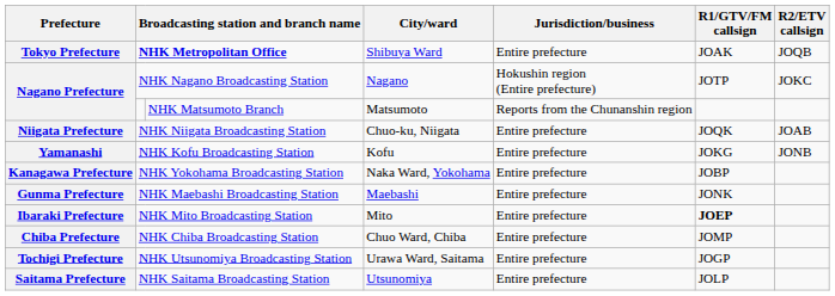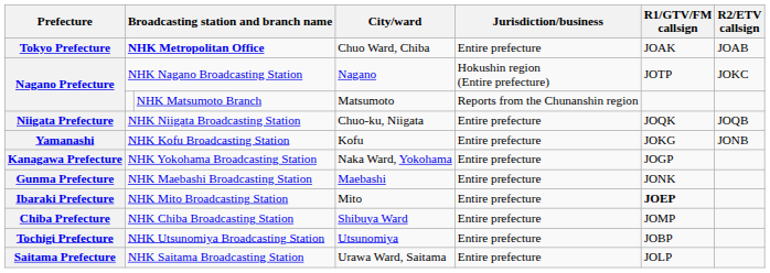 <table class="wikitable">
 <tr>
 <th>Prefecture</th>
 <th colspan="2">Broadcasting station and branch name</th>
 <th>City/ward</th>
 <th>Jurisdiction/business</th>
 <th>R1/GTV/FM<br>callsign</th>
 <th>R2/ETV<br>callsign</th>
 </tr>
 <tr>
 <th><a href='#'>Tokyo Prefecture</a></th>
 <td colspan="2"><strong><a href='#'>NHK Metropolitan Office</a></strong></td>
-<td><a href='#'>Shibuya Ward</a></td>
+<td>Chuo Ward, Chiba</td>
 <td>Entire prefecture</td>
 <td>JOAK</td>
-<td>JOQB</td>
+<td>JOAB</td>
 </tr>
 <tr>
 <th rowspan="2"><a href='#'>Nagano Prefecture</a></th>
 <td colspan="2"><a href='#'>NHK Nagano Broadcasting Station</a></td>
 <td><a href='#'>Nagano</a></td>
 <td>Hokushin region<br>(Entire prefecture)</td>
 <td>JOTP</td>
 <td>JOKC</td>
 </tr>
 <tr>
 <td></td>
 <td><a href='#'>NHK Matsumoto Branch</a></td>
 <td>Matsumoto</td>
 <td>Reports from the Chunanshin region</td>
 <td></td>
 <td></td>
 </tr>
 <tr>
 <th><a href='#'>Niigata Prefecture</a></th>
 <td colspan="2"><a href='#'>NHK Niigata Broadcasting Station</a></td>
 <td>Chuo-ku, Niigata</td>
 <td>Entire prefecture</td>
 <td>JOQK</td>
-<td>JOAB</td>
+<td>JOQB</td>
 </tr>
 <tr>
 <th><a href='#'>Yamanashi</a></th>
 <td colspan="2"><a href='#'>NHK Kofu Broadcasting Station</a></td>
 <td>Kofu</td>
 <td>Entire prefecture</td>
 <td>JOKG</td>
 <td>JONB</td>
 </tr>
 <tr>
 <th><a href='#'>Kanagawa Prefecture</a></th>
 <td colspan="2"><a href='#'>NHK Yokohama Broadcasting Station</a></td>
 <td>Naka Ward, <a href='#'>Yokohama</a></td>
 <td>Entire prefecture</td>
-<td>JOBP</td>
+<td>JOGP</td>
 <td></td>
 </tr>
 <tr>
 <th><a href='#'>Gunma Prefecture</a></th>
 <td colspan="2"><a href='#'>NHK Maebashi Broadcasting Station</a></td>
 <td><a href='#'>Maebashi</a></td>
 <td>Entire prefecture</td>
 <td>JONK</td>
 <td></td>
 </tr>
 <tr>
 <th><a href='#'>Ibaraki Prefecture</a></th>
 <td colspan="2"><a href='#'>NHK Mito Broadcasting Station</a></td>
 <td>Mito</td>
 <td>Entire prefecture</td>
 <td><strong>JOEP</strong></td>
 <td></td>
 </tr>
 <tr>
 <th><a href='#'>Chiba Prefecture</a></th>
 <td colspan="2"><a href='#'>NHK Chiba Broadcasting Station</a></td>
-<td>Chuo Ward, Chiba</td>
+<td><a href='#'>Shibuya Ward</a></td>
 <td>Entire prefecture</td>
 <td>JOMP</td>
 <td></td>
 </tr>
 <tr>
 <th><a href='#'>Tochigi Prefecture</a></th>
 <td colspan="2"><a href='#'>NHK Utsunomiya Broadcasting Station</a></td>
-<td>Urawa Ward, Saitama</td>
+<td><a href='#'>Utsunomiya</a></td>
 <td>Entire prefecture</td>
-<td>JOGP</td>
+<td>JOBP</td>
 <td></td>
 </tr>
 <tr>
 <th><a href='#'>Saitama Prefecture</a></th>
 <td colspan="2"><a href='#'>NHK Saitama Broadcasting Station</a></td>
-<td><a href='#'>Utsunomiya</a></td>
+<td>Urawa Ward, Saitama</td>
 <td>Entire prefecture</td>
 <td>JOLP</td>
 <td></td>
 </tr>
 </table>
